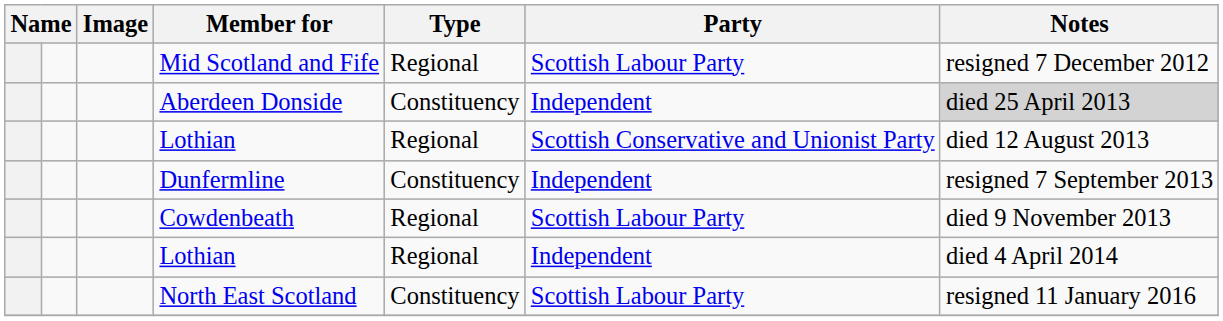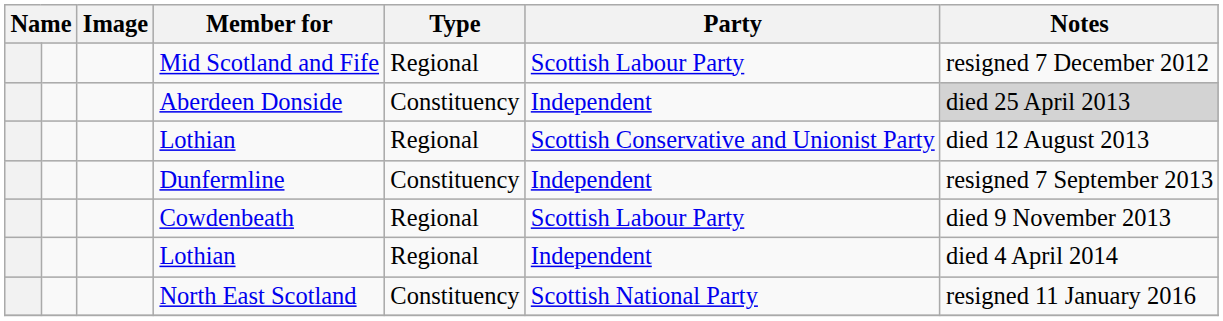 <table class="sortable wikitable">
 <tr valign=bottom>
 <th colspan="2">Name</th>
 <th>Image</th>
 <th>Member for</th>
 <th>Type</th>
 <th>Party</th>
 <th>Notes</th>
 </tr>
 <tr>
 <th style="background-color: "></th>
 <td></td>
 <td></td>
 <td><a href='#'>Mid Scotland and Fife</a></td>
 <td>Regional</td>
 <td><a href='#'>Scottish Labour Party</a></td>
 <td>resigned 7 December 2012</td>
 </tr>
 <tr>
 <th style="background-color:  "></th>
 <td></td>
 <td></td>
 <td><a href='#'>Aberdeen Donside</a></td>
 <td>Constituency</td>
 <td><a href='#'>Independent</a></td>
 <td style="background: lightgrey;">died 25 April 2013</td>
 </tr>
 <tr>
 <th style="background-color: "></th>
 <td></td>
 <td></td>
 <td><a href='#'>Lothian</a></td>
 <td>Regional</td>
 <td><a href='#'>Scottish Conservative and Unionist Party</a></td>
 <td>died 12 August 2013</td>
 </tr>
 <tr>
 <th style="background-color: "></th>
 <td></td>
 <td></td>
 <td><a href='#'>Dunfermline</a></td>
 <td>Constituency</td>
 <td><a href='#'>Independent</a></td>
 <td>resigned 7 September 2013</td>
 </tr>
 <tr>
 <th style="background-color: "></th>
 <td></td>
 <td></td>
 <td><a href='#'>Cowdenbeath</a></td>
 <td>Regional</td>
 <td><a href='#'>Scottish Labour Party</a></td>
 <td>died 9 November 2013</td>
 </tr>
 <tr>
 <th style="background-color: "></th>
 <td></td>
 <td></td>
 <td><a href='#'>Lothian</a></td>
 <td>Regional</td>
 <td><a href='#'>Independent</a></td>
 <td>died 4 April 2014</td>
 </tr>
 <tr>
 <th style="background-color: "></th>
 <td></td>
 <td></td>
 <td><a href='#'>North East Scotland</a></td>
 <td>Constituency</td>
-<td><a href='#'>Scottish Labour Party</a></td>
+<td><a href='#'>Scottish National Party</a></td>
 <td>resigned 11 January 2016</td>
 </tr>
 <tr>
 </tr>
 </table>
